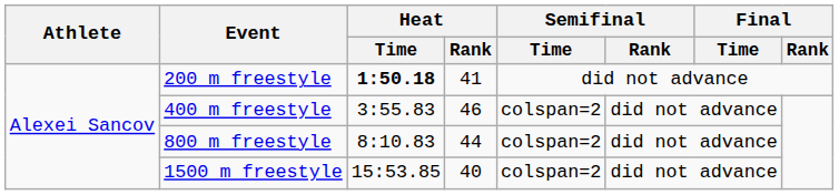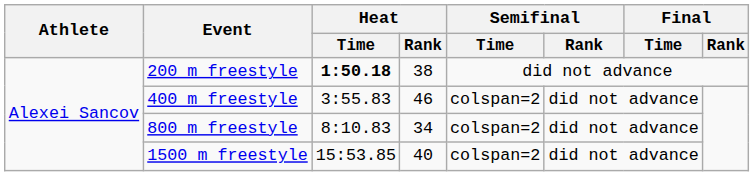 <table class=wikitable style="font-size:90%">
 <tr>
 <th rowspan="2">Athlete</th>
 <th rowspan="2">Event</th>
 <th colspan="2">Heat</th>
 <th colspan="2">Semifinal</th>
 <th colspan="2">Final</th>
 </tr>
 <tr style="font-size:95%">
 <th>Time</th>
 <th>Rank</th>
 <th>Time</th>
 <th>Rank</th>
 <th>Time</th>
 <th>Rank</th>
 </tr>
 <tr align=center>
 <td align=left rowspan=4><a href='#'>Alexei Sancov</a></td>
 <td align=left><a href='#'>200 m freestyle</a></td>
 <td><strong>1:50.18</strong></td>
-<td>41</td>
+<td>38</td>
 <td colspan=4>did not advance</td>
 </tr>
 <tr align=center>
 <td align=left><a href='#'>400 m freestyle</a></td>
 <td>3:55.83</td>
 <td>46</td>
 <td>colspan=2 </td>
 <td colspan=2>did not advance</td>
 </tr>
 <tr align=center>
 <td align=left><a href='#'>800 m freestyle</a></td>
 <td>8:10.83</td>
-<td>44</td>
+<td>34</td>
 <td>colspan=2 </td>
 <td colspan=2>did not advance</td>
 </tr>
 <tr align=center>
 <td align=left><a href='#'>1500 m freestyle</a></td>
 <td>15:53.85</td>
 <td>40</td>
 <td>colspan=2 </td>
 <td colspan=2>did not advance</td>
 </tr>
 </table>
